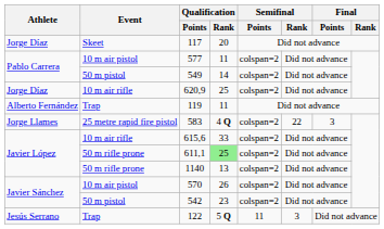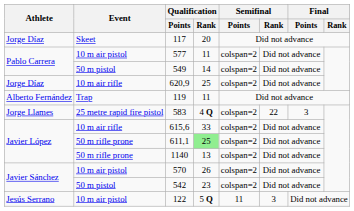 <table class="wikitable" style="font-size:90%">
 <tr>
 <th rowspan="2">Athlete</th>
 <th rowspan="2">Event</th>
 <th colspan=2>Qualification</th>
 <th colspan=2>Semifinal</th>
 <th colspan=2>Final</th>
 </tr>
 <tr style="font-size:95%">
 <th>Points</th>
 <th>Rank</th>
 <th>Points</th>
 <th>Rank</th>
 <th>Points</th>
 <th>Rank</th>
 </tr>
 <tr align=center>
 <td align=left><a href='#'>Jorge Díaz</a></td>
 <td align=left><a href='#'>Skeet</a></td>
 <td>117</td>
 <td>20</td>
 <td colspan=4>Did not advance</td>
 </tr>
 <tr align=center>
 <td align=left rowspan=2><a href='#'>Pablo Carrera</a></td>
 <td align=left><a href='#'>10 m air pistol</a></td>
 <td>577</td>
 <td>11</td>
 <td>colspan=2 </td>
 <td colspan=2>Did not advance</td>
 </tr>
 <tr align=center>
 <td align=left><a href='#'>50 m pistol</a></td>
 <td>549</td>
 <td>14</td>
 <td>colspan=2 </td>
 <td colspan=2>Did not advance</td>
 </tr>
 <tr align=center>
 <td align=left><a href='#'>Jorge Díaz</a></td>
 <td align=left><a href='#'>10 m air rifle</a></td>
 <td>620,9</td>
 <td>25</td>
 <td>colspan=2 </td>
 <td colspan=2>Did not advance</td>
 </tr>
 <tr align=center>
 <td align=left><a href='#'>Alberto Fernández</a></td>
 <td align=left><a href='#'>Trap</a></td>
 <td>119</td>
 <td>11</td>
 <td colspan=4>Did not advance</td>
 </tr>
 <tr align=center>
 <td align=left><a href='#'>Jorge Llames</a></td>
 <td align=left><a href='#'>25 metre rapid fire pistol</a></td>
 <td>583</td>
 <td>4 <strong>Q</strong></td>
 <td>colspan=2 </td>
 <td>22</td>
 <td>3</td>
 </tr>
 <tr align=center>
 <td align=left rowspan=3><a href='#'>Javier López</a></td>
 <td align=left><a href='#'>10 m air rifle</a></td>
 <td>615,6</td>
 <td>33</td>
 <td>colspan=2 </td>
 <td colspan=2>Did not advance</td>
 </tr>
 <tr align=center>
 <td align=left><a href='#'>50 m rifle prone</a></td>
 <td>611,1</td>
 <td style="background: lightgreen;">25</td>
 <td>colspan=2 </td>
 <td colspan=2>Did not advance</td>
 </tr>
 <tr align=center>
 <td align=left><a href='#'>50 m rifle prone</a></td>
 <td>1140</td>
 <td>13</td>
 <td>colspan=2 </td>
 <td colspan=2>Did not advance</td>
 </tr>
 <tr align=center>
 <td align=left rowspan=2><a href='#'>Javier Sánchez</a></td>
 <td align=left><a href='#'>10 m air pistol</a></td>
 <td>570</td>
 <td>26</td>
 <td>colspan=2 </td>
 <td colspan=2>Did not advance</td>
 </tr>
 <tr align=center>
 <td align=left><a href='#'>50 m pistol</a></td>
 <td>542</td>
 <td>23</td>
 <td>colspan=2 </td>
 <td colspan=2>Did not advance</td>
 </tr>
 <tr align=center>
 <td align=left><a href='#'>Jesús Serrano</a></td>
-<td align=left><a href='#'>Trap</a></td>
+<td align=left><a href='#'>10 m air pistol</a></td>
 <td>122</td>
 <td>5 <strong>Q</strong></td>
 <td>11</td>
 <td>3</td>
 <td colspan=2>Did not advance</td>
 </tr>
 </table>
